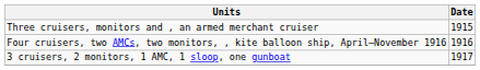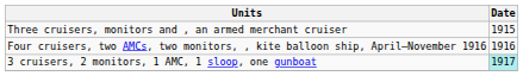 <table class="wikitable sortable">
 <tr>
 <th>Units</th>
 <th>Date</th>
 </tr>
 <tr>
 <td>Three cruisers, monitors  and , an armed merchant cruiser</td>
 <td>1915</td>
 </tr>
 <tr>
 <td>Four cruisers, two <a href='#'>AMCs</a>, two monitors, , kite balloon ship, April–November 1916</td>
 <td>1916</td>
 </tr>
 <tr>
 <td>3 cruisers, 2 monitors, 1 AMC, 1 <a href='#'>sloop</a>, one <a href='#'>gunboat</a></td>
-<td>1917</td>
+<td style="background: paleturquoise;">1917</td>
 </tr>
 <tr>
 </tr>
 </table>
